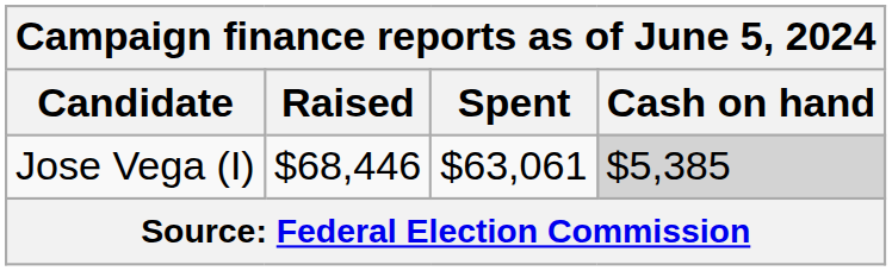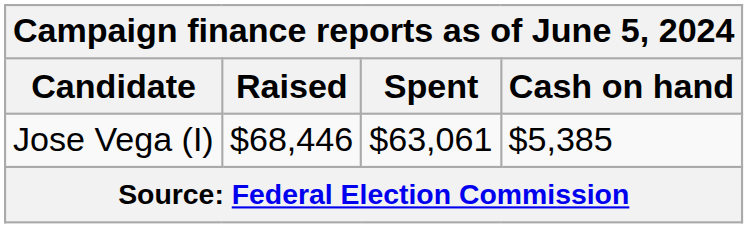 <table class="wikitable sortable">
 <tr>
 <th colspan=4>Campaign finance reports as of June 5, 2024</th>
 </tr>
 <tr style="text-align:center;">
 <th>Candidate</th>
 <th>Raised</th>
 <th>Spent</th>
 <th>Cash on hand</th>
 </tr>
 <tr>
 <td>Jose Vega (I)</td>
 <td>$68,446</td>
 <td>$63,061</td>
-<td style="background: lightgrey;">$5,385</td>
+<td>$5,385</td>
 </tr>
 <tr>
 <th colspan="4"><small>Source: <a href='#'>Federal Election Commission</a></small></th>
 </tr>
 </table>
